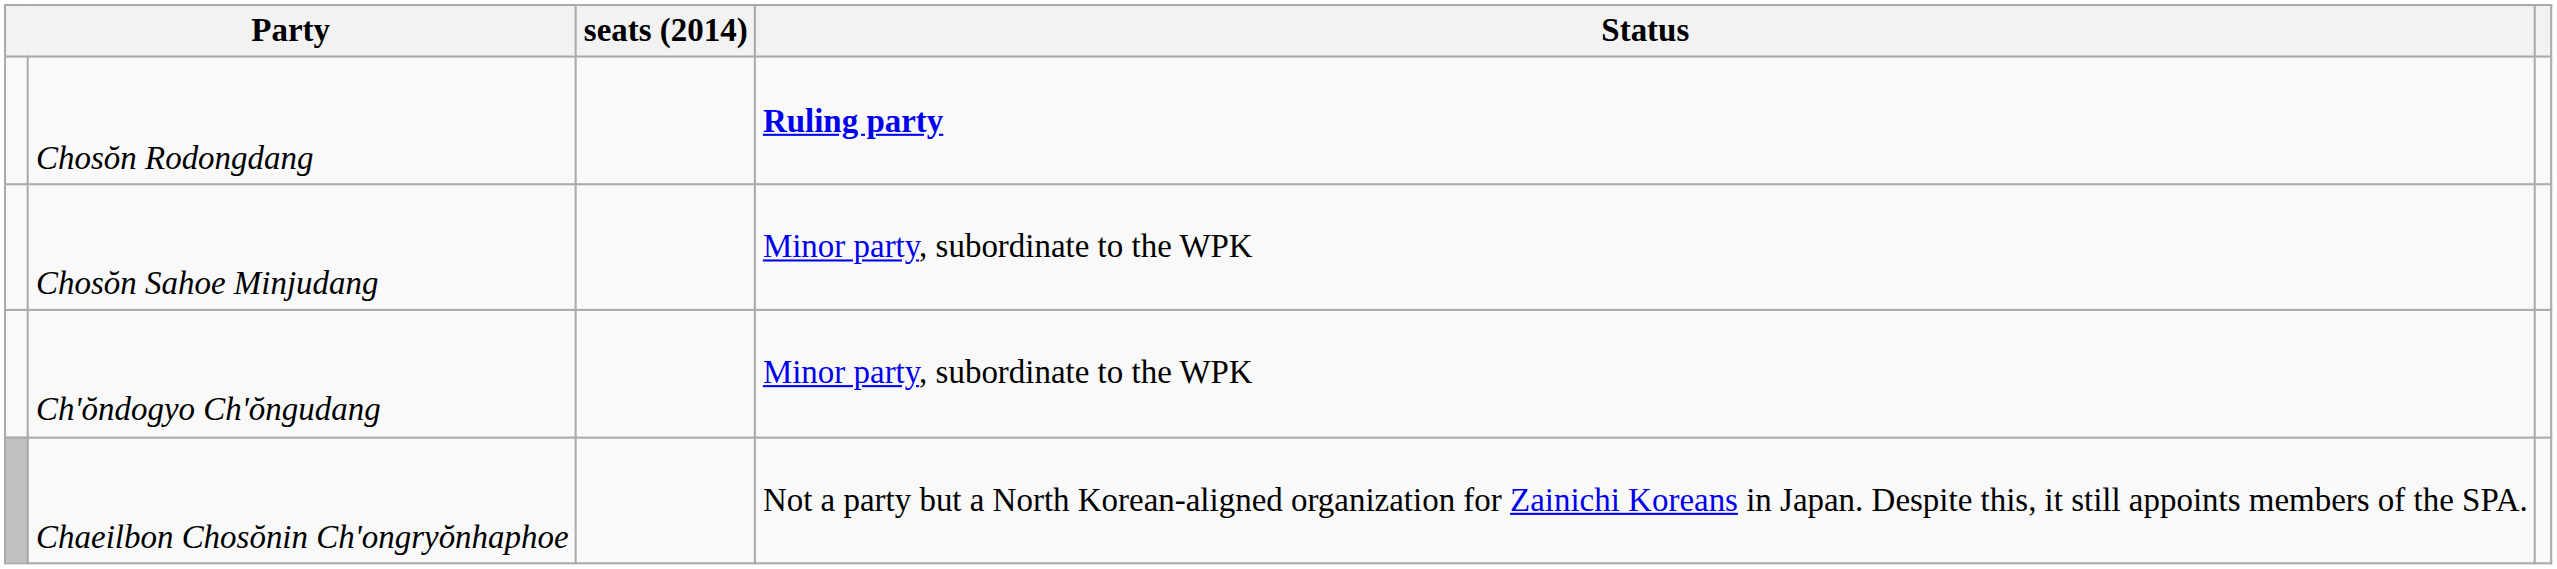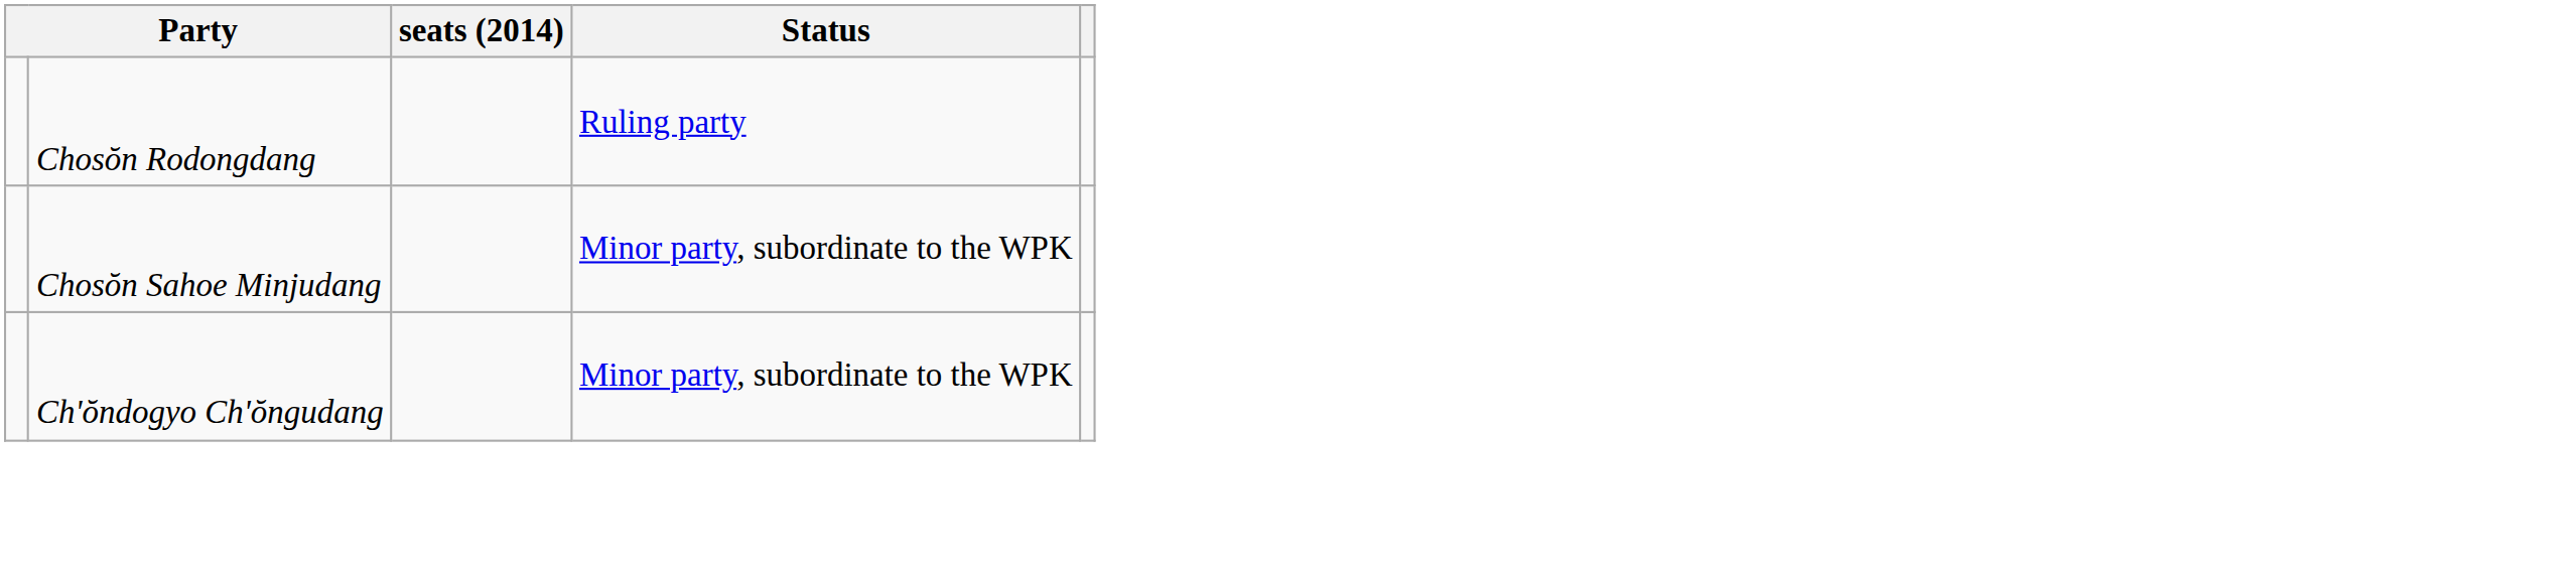 <table class="wikitable sortable">
 <tr>
 <th colspan=2>Party</th>
 <th> seats (2014)</th>
 <th>Status</th>
 <th class="unsortable"></th>
 </tr>
 <tr>
 <td style="background:"> </td>
 <td><br><br><em>Chosŏn Rodongdang</em></td>
 <td></td>
-<td><strong><a href='#'>Ruling party</a></strong></td>
+<td><a href='#'>Ruling party</a></td>
 <td></td>
 </tr>
 <tr>
 <td style="background:"> </td>
 <td><br><br><em>Chosŏn Sahoe Minjudang</em></td>
 <td></td>
 <td><a href='#'>Minor party</a>, subordinate to the WPK</td>
 <td></td>
 </tr>
 <tr>
 <td style="background:"> </td>
 <td><br><br><em>Ch'ŏndogyo Ch'ŏngudang</em></td>
 <td></td>
 <td><a href='#'>Minor party</a>, subordinate to the WPK</td>
 <td></td>
 </tr>
-<tr>
-<td style="background:#C0C0C0"> </td>
-<td><br><br><em>Chaeilbon Chosŏnin Ch'ongryŏnhaphoe</em></td>
-<td></td>
-<td>Not a party but a North Korean-aligned organization for <a href='#'>Zainichi Koreans</a> in Japan. Despite this, it still appoints members of the SPA.</td>
-<td></td>
-</tr>
 </table>
